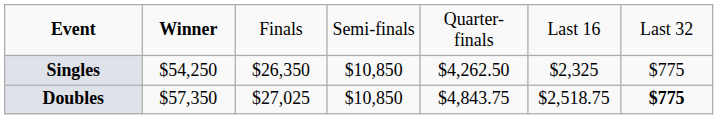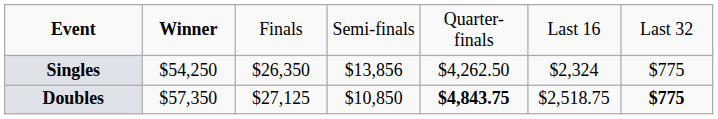 <table class=wikitable style="font-size:90%;text-align:center">
 <tr>
 <td style="width:104px;"><strong>Event</strong></td>
 <td style="width:68px;"><strong>Winner</strong></td>
 <td style="width:68px;">Finals</td>
 <td style="width:68px;">Semi-finals</td>
 <td style="width:80px;">Quarter-finals</td>
 <td style="width:68px;">Last 16</td>
 <td style="width:68px;">Last 32</td>
 </tr>
 <tr>
 <td style="background:#dfe2e9;"><strong>Singles</strong></td>
 <td>$54,250</td>
 <td>$26,350</td>
-<td>$10,850</td>
+<td>$13,856</td>
 <td>$4,262.50</td>
-<td>$2,325</td>
+<td>$2,324</td>
 <td>$775</td>
 </tr>
 <tr>
 <td style="background:#dfe2e9;"><strong>Doubles</strong></td>
 <td>$57,350</td>
-<td>$27,025</td>
+<td>$27,125</td>
 <td>$10,850</td>
-<td>$4,843.75</td>
+<td><strong>$4,843.75</strong></td>
 <td>$2,518.75</td>
 <td><strong>$775</strong></td>
 </tr>
 </table>
